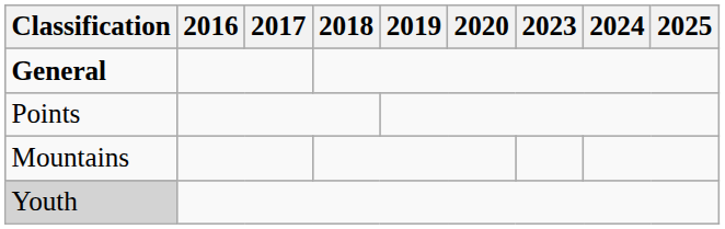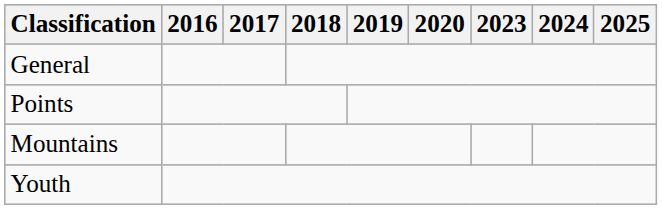 <table class="wikitable">
 <tr>
 <th>Classification</th>
 <th>2016</th>
 <th>2017</th>
 <th>2018</th>
 <th>2019</th>
 <th>2020</th>
 <th>2023</th>
 <th>2024</th>
 <th>2025</th>
 </tr>
 <tr>
-<td><strong>General</strong></td>
+<td>General</td>
 <td colspan="2" align="center"></td>
 <td colspan="6" align="center"></td>
 </tr>
 <tr>
 <td>Points</td>
 <td colspan="3" align="center"></td>
 <td colspan="5" align="center"></td>
 </tr>
 <tr>
 <td>Mountains</td>
 <td colspan="2" align="center"></td>
 <td colspan="3" align="center"></td>
 <td align="center"></td>
 <td colspan="2" align="center"></td>
 </tr>
 <tr>
-<td style="background: lightgrey;">Youth</td>
+<td>Youth</td>
 <td colspan="8" align="center"></td>
 </tr>
 </table>
